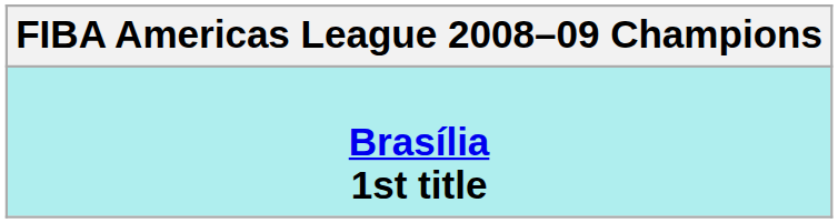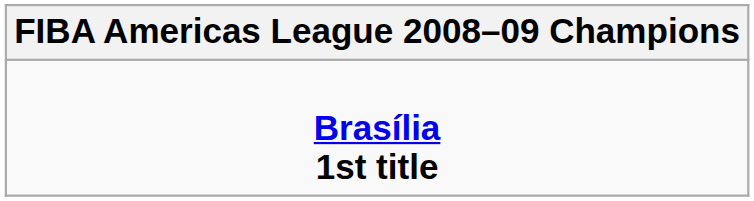 <table class=wikitable style="text-align:center; margin:auto">
 <tr>
 <th>FIBA Americas League 2008–09 Champions</th>
 </tr>
 <tr>
-<td style="background: paleturquoise;"><br> <strong><a href='#'>Brasília</a></strong> <br> <strong>1st title</strong></td>
+<td><br> <strong><a href='#'>Brasília</a></strong> <br> <strong>1st title</strong></td>
 </tr>
 </table>
